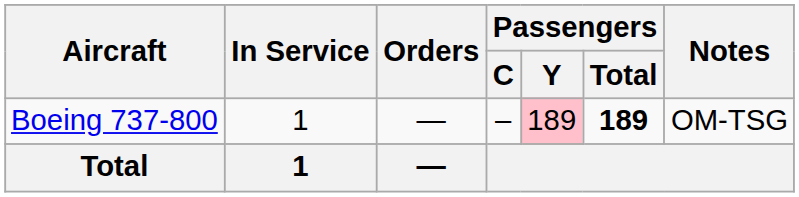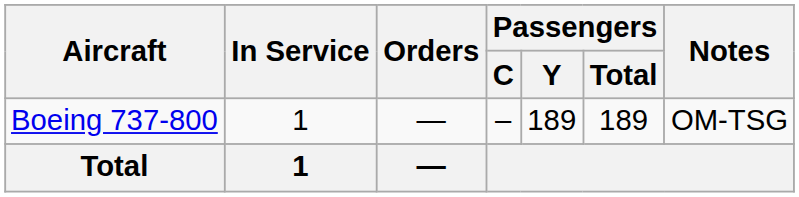 <table class="wikitable" style="border-collapse:collapse;text-align:center;margin:1em auto;">
 <tr>
 <th rowspan="2">Aircraft</th>
 <th rowspan="2">In Service</th>
 <th rowspan="2">Orders</th>
 <th colspan="3">Passengers</th>
 <th rowspan="2">Notes</th>
 </tr>
 <tr>
 <th><abbr>C</abbr></th>
 <th><abbr>Y</abbr></th>
 <th>Total</th>
 </tr>
 <tr>
 <td><a href='#'>Boeing 737-800</a></td>
 <td>1</td>
 <td>—</td>
 <td>–</td>
-<td style="background: pink;">189</td>
-<td><strong>189</strong></td>
+<td>189</td>
+<td>189</td>
 <td>OM-TSG</td>
 </tr>
 <tr>
 <th>Total</th>
 <th>1</th>
 <th>—</th>
 <th colspan="4"></th>
 </tr>
 </table>
